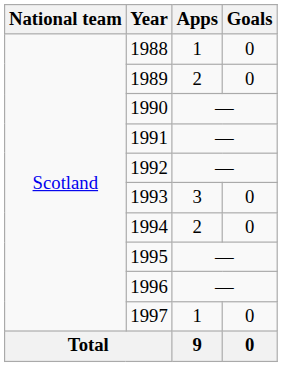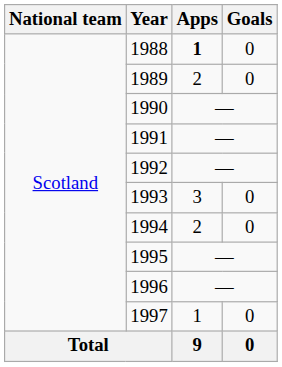 <table class=wikitable style="text-align: center;">
 <tr>
 <th>National team</th>
 <th>Year</th>
 <th>Apps</th>
 <th>Goals</th>
 </tr>
 <tr>
 <td rowspan="10"><a href='#'>Scotland</a></td>
 <td>1988</td>
-<td>1</td>
+<td><strong>1</strong></td>
 <td>0</td>
 </tr>
 <tr>
 <td>1989</td>
 <td>2</td>
 <td>0</td>
 </tr>
 <tr>
 <td>1990</td>
 <td colspan=2>—</td>
 </tr>
 <tr>
 <td>1991</td>
 <td colspan=2>—</td>
 </tr>
 <tr>
 <td>1992</td>
 <td colspan=2>—</td>
 </tr>
 <tr>
 <td>1993</td>
 <td>3</td>
 <td>0</td>
 </tr>
 <tr>
 <td>1994</td>
 <td>2</td>
 <td>0</td>
 </tr>
 <tr>
 <td>1995</td>
 <td colspan=2>—</td>
 </tr>
 <tr>
 <td>1996</td>
 <td colspan=2>—</td>
 </tr>
 <tr>
 <td>1997</td>
 <td>1</td>
 <td>0</td>
 </tr>
 <tr>
 <th colspan=2>Total</th>
 <th>9</th>
 <th>0</th>
 </tr>
 </table>
